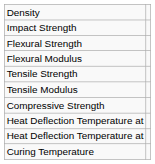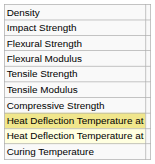 <table class="wikitable" style="text-align:left; font-size:91%;">
 <tr>
 <td>Density</td>
 <td></td>
 </tr>
 <tr>
 <td>Impact Strength</td>
 <td> </td>
 </tr>
 <tr>
 <td>Flexural Strength</td>
 <td></td>
 </tr>
 <tr>
 <td>Flexural Modulus</td>
 <td></td>
 </tr>
 <tr>
 <td>Tensile Strength</td>
 <td></td>
 </tr>
 <tr>
 <td>Tensile Modulus</td>
 <td></td>
 </tr>
 <tr>
 <td>Compressive Strength</td>
 <td></td>
 </tr>
 <tr>
-<td>Heat Deflection Temperature at </td>
+<td style="background: khaki;">Heat Deflection Temperature at </td>
 <td></td>
 </tr>
 <tr>
-<td>Heat Deflection Temperature at </td>
+<td style="background: lightyellow;">Heat Deflection Temperature at </td>
 <td></td>
 </tr>
 <tr>
 <td>Curing Temperature</td>
 <td></td>
 </tr>
 </table>
